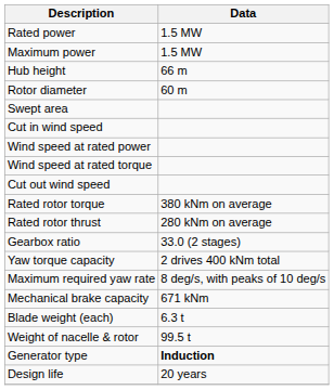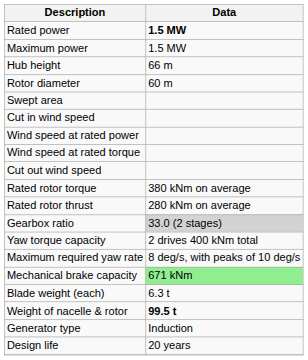 <table class="wikitable">
 <tr>
 <th>Description</th>
 <th>Data</th>
 </tr>
 <tr>
 <td>Rated power</td>
-<td>1.5 MW</td>
+<td><strong>1.5 MW</strong></td>
 </tr>
 <tr>
 <td>Maximum power</td>
 <td>1.5 MW</td>
 </tr>
 <tr>
 <td>Hub height</td>
 <td>66 m</td>
 </tr>
 <tr>
 <td>Rotor diameter</td>
 <td>60 m</td>
 </tr>
 <tr>
 <td>Swept area</td>
 <td></td>
 </tr>
 <tr>
 <td>Cut in wind speed</td>
 <td></td>
 </tr>
 <tr>
 <td>Wind speed at rated power</td>
 <td></td>
 </tr>
 <tr>
 <td>Wind speed at rated torque</td>
 <td></td>
 </tr>
 <tr>
 <td>Cut out wind speed</td>
 <td></td>
 </tr>
 <tr>
 <td>Rated rotor torque</td>
 <td>380 kNm on average</td>
 </tr>
 <tr>
 <td>Rated rotor thrust</td>
 <td>280 kNm on average</td>
 </tr>
 <tr>
 <td>Gearbox ratio</td>
-<td>33.0 (2 stages)</td>
+<td style="background: lightgrey;">33.0 (2 stages)</td>
 </tr>
 <tr>
 <td>Yaw torque capacity</td>
 <td>2 drives 400 kNm total</td>
 </tr>
 <tr>
 <td>Maximum required yaw rate</td>
 <td>8 deg/s, with peaks of 10 deg/s</td>
 </tr>
 <tr>
 <td>Mechanical brake capacity</td>
-<td>671 kNm</td>
+<td style="background: lightgreen;">671 kNm</td>
 </tr>
 <tr>
 <td>Blade weight (each)</td>
 <td>6.3 t</td>
 </tr>
 <tr>
 <td>Weight of nacelle & rotor</td>
-<td>99.5 t</td>
+<td><strong>99.5 t</strong></td>
 </tr>
 <tr>
 <td>Generator type</td>
-<td><strong>Induction</strong></td>
+<td>Induction</td>
 </tr>
 <tr>
 <td>Design life</td>
 <td>20 years</td>
 </tr>
 <tr>
 </tr>
 </table>
